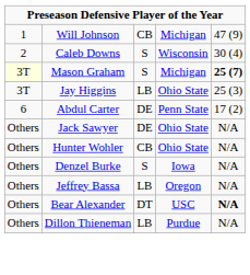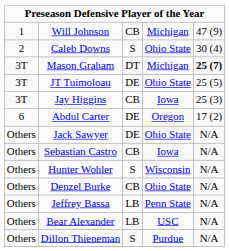 <table class="wikitable" style="display: inline-table;">
 <tr align="center">
 <td align="center" Colspan="5"><strong>Preseason Defensive Player of the Year</strong><br></td>
 </tr>
 <tr align="center">
 <td>1</td>
 <td><a href='#'>Will Johnson</a></td>
 <td>CB</td>
 <td><a href='#'>Michigan</a></td>
 <td>47 (9)</td>
 </tr>
 <tr align="center">
 <td>2</td>
 <td><a href='#'>Caleb Downs</a></td>
 <td>S</td>
-<td><a href='#'><span>Wisconsin</span></a></td>
+<td><a href='#'>Ohio State</a></td>
 <td>30 (4)</td>
 </tr>
 <tr align="center">
-<td style="background: lightyellow;">3T</td>
+<td>3T</td>
 <td><a href='#'>Mason Graham</a></td>
-<td>S</td>
+<td>DT</td>
 <td><a href='#'>Michigan</a></td>
 <td><strong>25 (7)</strong></td>
 </tr>
 <tr align="center">
 <td>3T</td>
+<td><a href='#'>JT Tuimoloau</a></td>
+<td>DE</td>
+<td><a href='#'>Ohio State</a></td>
+<td>25 (5)</td>
+</tr>
+<tr align="center">
+<td>3T</td>
 <td><a href='#'>Jay Higgins</a></td>
-<td>LB</td>
-<td><a href='#'>Ohio State</a></td>
+<td>CB</td>
+<td><a href='#'>Iowa</a></td>
 <td>25 (3)</td>
 </tr>
 <tr align="center">
 <td>6</td>
 <td><a href='#'>Abdul Carter</a></td>
 <td>DE</td>
-<td><a href='#'>Penn State</a></td>
+<td><a href='#'>Oregon</a></td>
 <td>17 (2)</td>
 </tr>
 <tr align="center">
 <td>Others</td>
 <td><a href='#'>Jack Sawyer</a></td>
 <td>DE</td>
 <td><a href='#'>Ohio State</a></td>
 <td>N/A</td>
 </tr>
 <tr align="center">
 <td>Others</td>
+<td><a href='#'>Sebastian Castro</a></td>
+<td>CB</td>
+<td><a href='#'>Iowa</a></td>
+<td>N/A</td>
+</tr>
+<tr align="center">
+<td>Others</td>
 <td><a href='#'>Hunter Wohler</a></td>
+<td>S</td>
+<td><a href='#'><span>Wisconsin</span></a></td>
+<td>N/A</td>
+</tr>
+<tr align="center">
+<td>Others</td>
+<td><a href='#'>Denzel Burke</a></td>
 <td>CB</td>
 <td><a href='#'>Ohio State</a></td>
 <td>N/A</td>
 </tr>
 <tr align="center">
 <td>Others</td>
-<td><a href='#'>Denzel Burke</a></td>
-<td>S</td>
-<td><a href='#'>Iowa</a></td>
-<td>N/A</td>
-</tr>
-<tr align="center">
-<td>Others</td>
 <td><a href='#'>Jeffrey Bassa</a></td>
 <td>LB</td>
-<td><a href='#'>Oregon</a></td>
+<td><a href='#'>Penn State</a></td>
 <td>N/A</td>
 </tr>
 <tr align="center">
 <td>Others</td>
 <td><a href='#'>Bear Alexander</a></td>
-<td>DT</td>
+<td>LB</td>
 <td><a href='#'>USC</a></td>
-<td><strong>N/A</strong></td>
+<td>N/A</td>
 </tr>
 <tr align="center">
 <td>Others</td>
 <td><a href='#'>Dillon Thieneman</a></td>
-<td>LB</td>
+<td>S</td>
 <td><a href='#'>Purdue</a></td>
 <td>N/A</td>
 </tr>
 </table>
